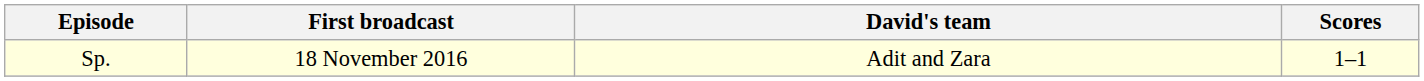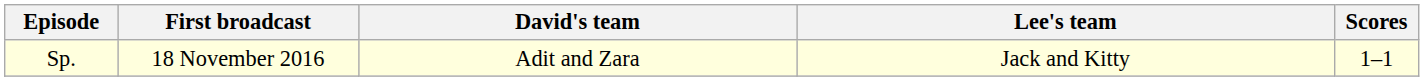 <table class="wikitable"  style="width:80%; left:0 auto; text-align:center;">
 <tr>
 <th style="width:8%;">Episode</th>
 <th style="width:17%;">First broadcast</th>
 <th style="width:31%;">David's team</th>
+<th style="width:38%;">Lee's team</th>
 <th style="width:6%;">Scores</th>
 </tr>
 <tr style="background:#ffd;">
 <td>Sp.</td>
 <td>18 November 2016</td>
 <td>Adit and Zara</td>
+<td>Jack and Kitty</td>
 <td>1–1</td>
 </tr>
 </table>
